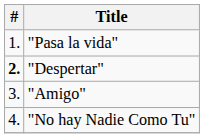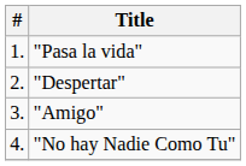 <table class="wikitable">
 <tr>
 <th>#</th>
 <th>Title</th>
 </tr>
 <tr>
 <td>1.</td>
 <td>"Pasa la vida"</td>
 </tr>
 <tr>
-<td><strong>2.</strong></td>
+<td>2.</td>
 <td>"Despertar"</td>
 </tr>
 <tr>
 <td>3.</td>
 <td>"Amigo"</td>
 </tr>
 <tr>
 <td>4.</td>
 <td>"No hay Nadie Como Tu"</td>
 </tr>
 <tr>
 </tr>
 </table>
